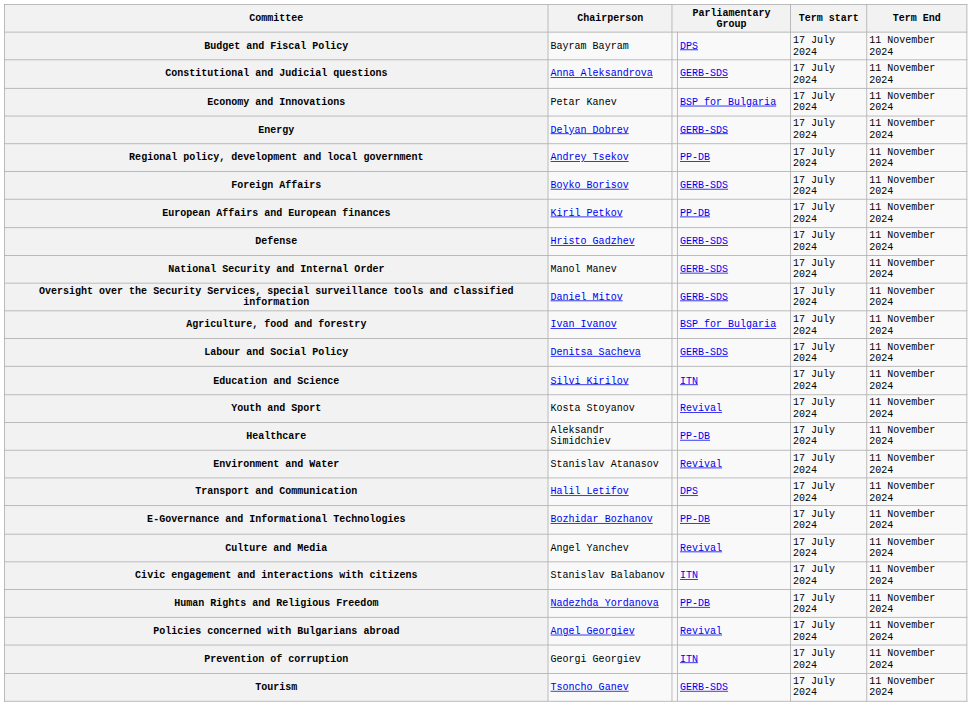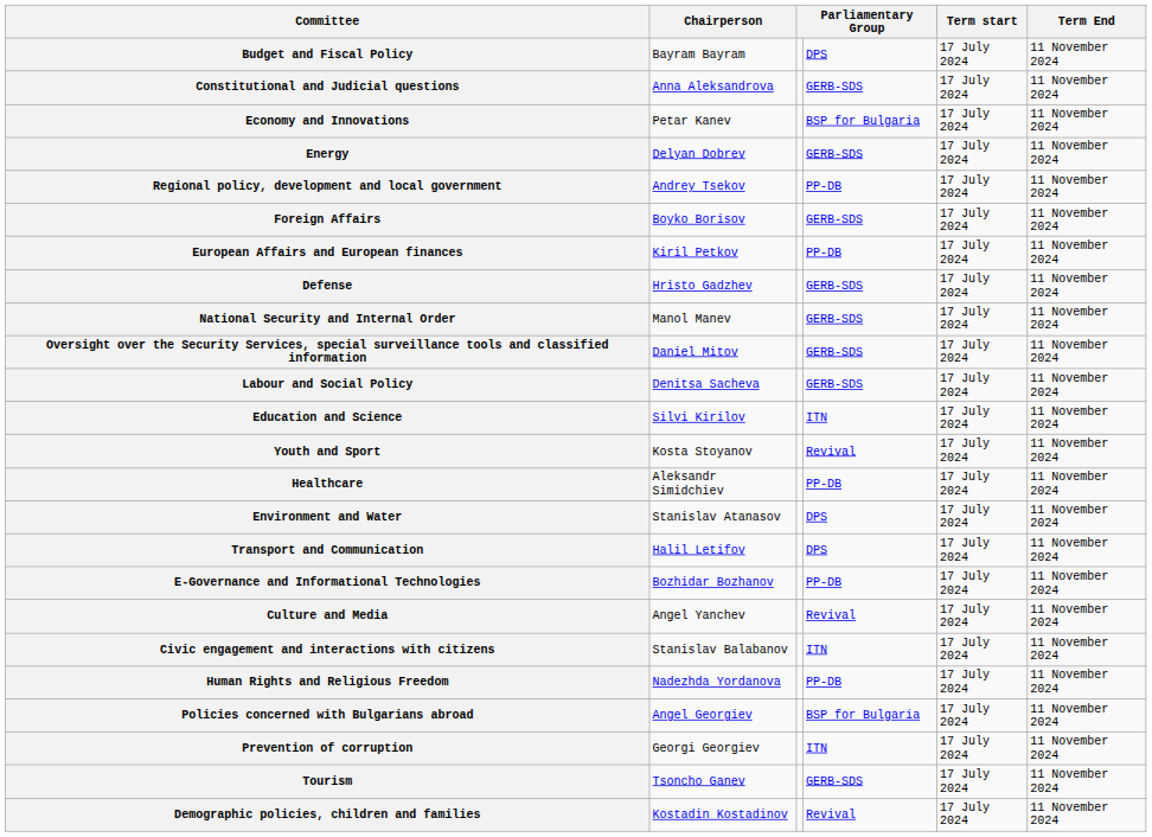 <table class="wikitable plainrowheaders">
 <tr>
 <th>Committee</th>
 <th>Chairperson</th>
 <th colspan="2">Parliamentary Group</th>
 <th>Term start</th>
 <th>Term End</th>
 </tr>
 <tr>
 <th scope="row">Budget and Fiscal Policy</th>
 <td>Bayram Bayram</td>
 <td style="background:"></td>
 <td><a href='#'>DPS</a></td>
 <td>17 July 2024</td>
 <td>11 November 2024</td>
 </tr>
 <tr>
 <th scope="row">Constitutional and Judicial questions</th>
 <td><a href='#'>Anna Aleksandrova</a></td>
 <td style="background:"></td>
 <td><a href='#'>GERB-SDS</a></td>
 <td>17 July 2024</td>
 <td>11 November 2024</td>
 </tr>
 <tr>
 <th scope="row">Economy and Innovations</th>
 <td>Petar Kanev</td>
 <td style="background:"></td>
 <td><a href='#'>BSP for Bulgaria</a></td>
 <td>17 July 2024</td>
 <td>11 November 2024</td>
 </tr>
 <tr>
 <th scope="row">Energy</th>
 <td><a href='#'>Delyan Dobrev</a></td>
 <td style="background:"></td>
 <td><a href='#'>GERB-SDS</a></td>
 <td>17 July 2024</td>
 <td>11 November 2024</td>
 </tr>
 <tr>
 <th scope="row">Regional policy, development and local government</th>
 <td><a href='#'>Andrey Tsekov</a></td>
 <td style="background:"></td>
 <td><a href='#'>PP-DB</a></td>
 <td>17 July 2024</td>
 <td>11 November 2024</td>
 </tr>
 <tr>
 <th scope="row">Foreign Affairs</th>
 <td><a href='#'>Boyko Borisov</a></td>
 <td style="background:"></td>
 <td><a href='#'>GERB-SDS</a></td>
 <td>17 July 2024</td>
 <td>11 November 2024</td>
 </tr>
 <tr>
 <th scope="row">European Affairs and European finances</th>
 <td><a href='#'>Kiril Petkov</a></td>
 <td style="background:"></td>
 <td><a href='#'>PP-DB</a></td>
 <td>17 July 2024</td>
 <td>11 November 2024</td>
 </tr>
 <tr>
 <th scope="row">Defense</th>
 <td><a href='#'>Hristo Gadzhev</a></td>
 <td style="background:"></td>
 <td><a href='#'>GERB-SDS</a></td>
 <td>17 July 2024</td>
 <td>11 November 2024</td>
 </tr>
 <tr>
 <th scope="row">National Security and Internal Order</th>
 <td>Manol Manev</td>
 <td style="background:"></td>
 <td><a href='#'>GERB-SDS</a></td>
 <td>17 July 2024</td>
 <td>11 November 2024</td>
 </tr>
 <tr>
 <th scope="row">Oversight over the Security Services, special surveillance tools and classified information</th>
 <td><a href='#'>Daniel Mitov</a></td>
 <td style="background:"></td>
 <td><a href='#'>GERB-SDS</a></td>
 <td>17 July 2024</td>
 <td>11 November 2024</td>
 </tr>
 <tr>
-<th scope="row">Agriculture, food and forestry</th>
-<td><a href='#'>Ivan Ivanov</a></td>
-<td style="background:"></td>
-<td><a href='#'>BSP for Bulgaria</a></td>
-<td>17 July 2024</td>
-<td>11 November 2024</td>
-</tr>
-<tr>
 <th scope="row">Labour and Social Policy</th>
 <td><a href='#'>Denitsa Sacheva</a></td>
 <td style="background:"></td>
 <td><a href='#'>GERB-SDS</a></td>
 <td>17 July 2024</td>
 <td>11 November 2024</td>
 </tr>
 <tr>
 <th scope="row">Education and Science</th>
 <td><a href='#'>Silvi Kirilov</a></td>
 <td style="background:"></td>
 <td><a href='#'>ITN</a></td>
 <td>17 July 2024</td>
 <td>11 November 2024</td>
 </tr>
 <tr>
 <th scope="row">Youth and Sport</th>
 <td>Kosta Stoyanov</td>
 <td style="background:"></td>
 <td><a href='#'>Revival</a></td>
 <td>17 July 2024</td>
 <td>11 November 2024</td>
 </tr>
 <tr>
 <th scope="row">Healthcare</th>
 <td>Aleksandr Simidchiev</td>
 <td style="background:"></td>
 <td><a href='#'>PP-DB</a></td>
 <td>17 July 2024</td>
 <td>11 November 2024</td>
 </tr>
 <tr>
 <th scope="row">Environment and Water</th>
 <td>Stanislav Atanasov</td>
 <td style="background:"></td>
-<td><a href='#'>Revival</a></td>
+<td><a href='#'>DPS</a></td>
 <td>17 July 2024</td>
 <td>11 November 2024</td>
 </tr>
 <tr>
 <th scope="row">Transport and Communication</th>
 <td><a href='#'>Halil Letifov</a></td>
 <td style="background:"></td>
 <td><a href='#'>DPS</a></td>
 <td>17 July 2024</td>
 <td>11 November 2024</td>
 </tr>
 <tr>
 <th scope="row">E-Governance and Informational Technologies</th>
 <td><a href='#'>Bozhidar Bozhanov</a></td>
 <td style="background:"></td>
 <td><a href='#'>PP-DB</a></td>
 <td>17 July 2024</td>
 <td>11 November 2024</td>
 </tr>
 <tr>
 <th scope="row">Culture and Media</th>
 <td>Angel Yanchev</td>
 <td style="background:"></td>
 <td><a href='#'>Revival</a></td>
 <td>17 July 2024</td>
 <td>11 November 2024</td>
 </tr>
 <tr>
 <th scope="row">Civic engagement and interactions with citizens</th>
 <td>Stanislav Balabanov</td>
 <td style="background:"></td>
 <td><a href='#'>ITN</a></td>
 <td>17 July 2024</td>
 <td>11 November 2024</td>
 </tr>
 <tr>
 <th scope="row">Human Rights and Religious Freedom</th>
 <td><a href='#'>Nadezhda Yordanova</a></td>
 <td style="background:"></td>
 <td><a href='#'>PP-DB</a></td>
 <td>17 July 2024</td>
 <td>11 November 2024</td>
 </tr>
 <tr>
 <th scope="row">Policies concerned with Bulgarians abroad</th>
 <td><a href='#'>Angel Georgiev</a></td>
 <td style="background:"></td>
-<td><a href='#'>Revival</a></td>
+<td><a href='#'>BSP for Bulgaria</a></td>
 <td>17 July 2024</td>
 <td>11 November 2024</td>
 </tr>
 <tr>
 <th scope="row">Prevention of corruption</th>
 <td>Georgi Georgiev</td>
 <td style="background:"></td>
 <td><a href='#'>ITN</a></td>
 <td>17 July 2024</td>
 <td>11 November 2024</td>
 </tr>
 <tr>
 <th scope="row">Tourism</th>
 <td><a href='#'>Tsoncho Ganev</a></td>
 <td style="background:"></td>
 <td><a href='#'>GERB-SDS</a></td>
 <td>17 July 2024</td>
 <td>11 November 2024</td>
 </tr>
+<tr>
+<th scope="row">Demographic policies, children and families</th>
+<td><a href='#'>Kostadin Kostadinov</a></td>
+<td style="background:"></td>
+<td><a href='#'>Revival</a></td>
+<td>17 July 2024</td>
+<td>11 November 2024</td>
+</tr>
 </table>
